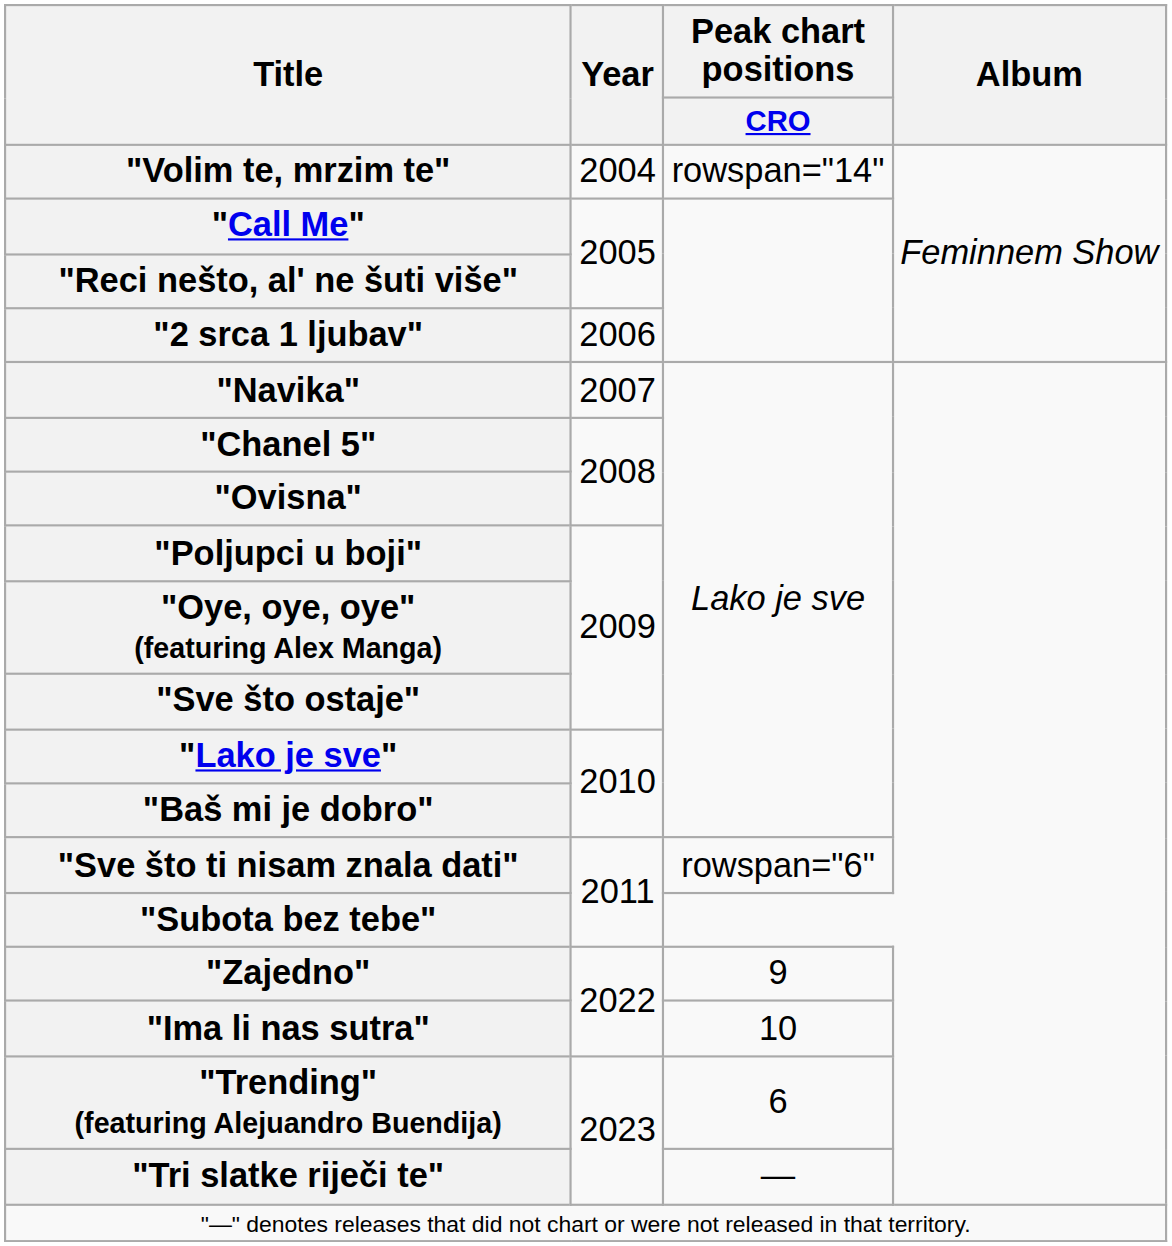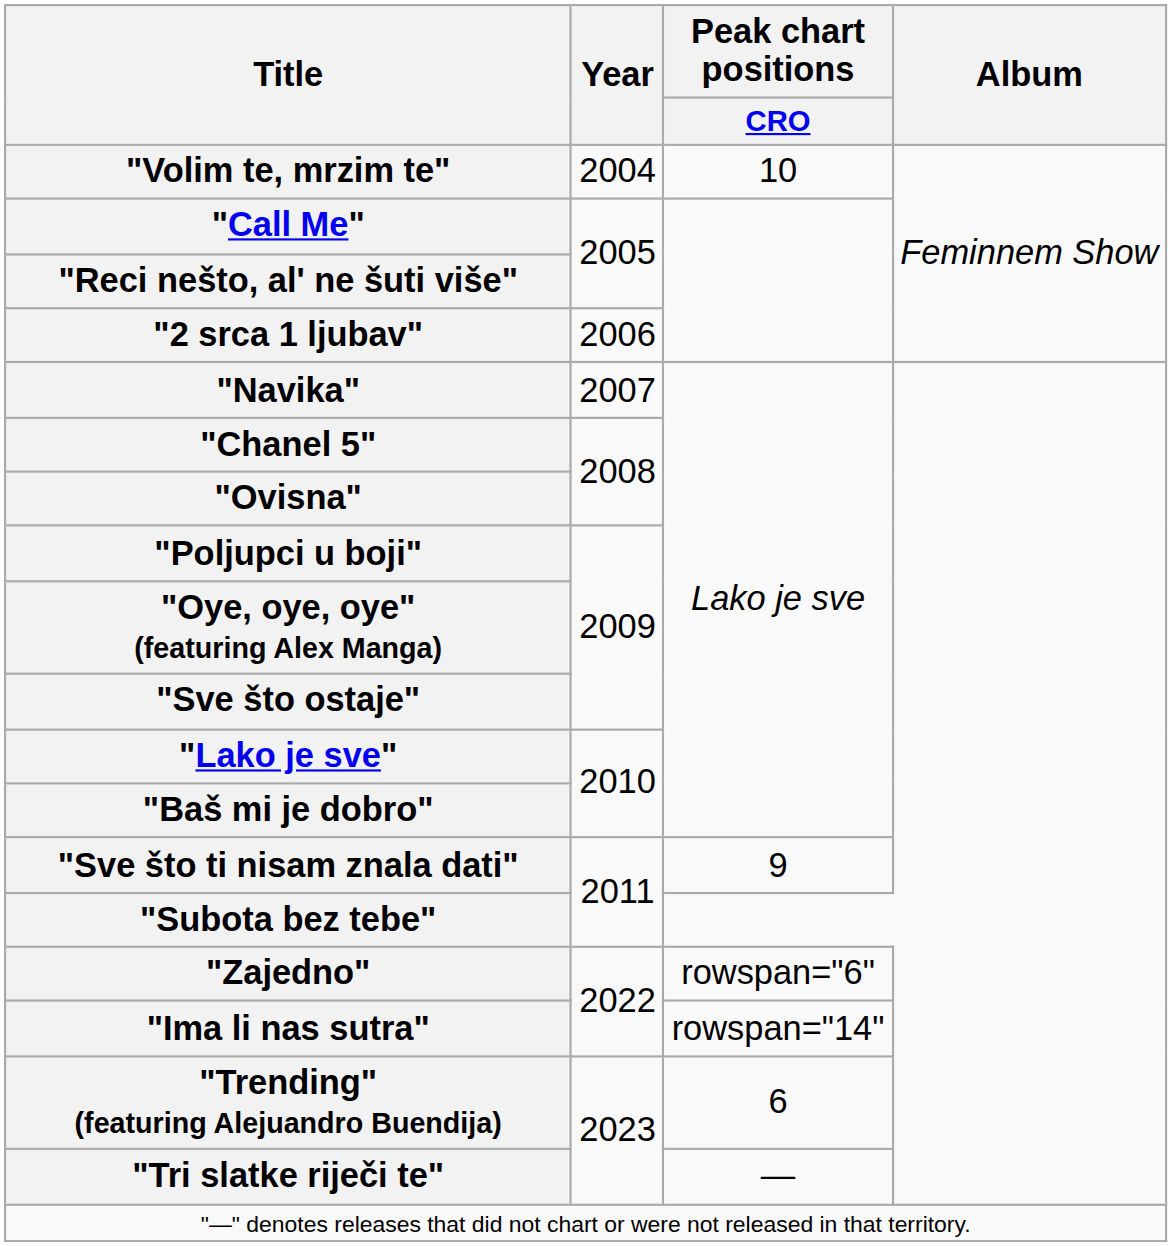 <table class="wikitable plainrowheaders" style="text-align:center;">
 <tr>
 <th scope="col" rowspan="2" style="width:16em;">Title</th>
 <th scope="col" rowspan="2" style="width:1em;">Year</th>
 <th scope="col" colspan="1">Peak chart positions</th>
 <th scope="col" rowspan="2">Album</th>
 </tr>
 <tr>
 <th scope="col" style="width:3em;font-size:85%;"><a href='#'>CRO</a><br></th>
 </tr>
 <tr>
 <th scope="row">"Volim te, mrzim te"</th>
 <td rowspan="1">2004</td>
-<td>rowspan="14" </td>
+<td>10</td>
 <td rowspan="4"><em>Feminnem Show</em></td>
 </tr>
 <tr>
 <th scope="row">"<a href='#'>Call Me</a>"</th>
 <td rowspan="2">2005</td>
 </tr>
 <tr>
 <th scope="row">"Reci nešto, al' ne šuti više"</th>
 </tr>
 <tr>
 <th scope="row">"2 srca 1 ljubav"</th>
 <td rowspan="1">2006</td>
 </tr>
 <tr>
 <th scope="row">"Navika"</th>
 <td rowspan="1">2007</td>
 <td rowspan="8"><em>Lako je sve</em></td>
 </tr>
 <tr>
 <th scope="row">"Chanel 5"</th>
 <td rowspan="2">2008</td>
 </tr>
 <tr>
 <th scope="row">"Ovisna"</th>
 </tr>
 <tr>
 <th scope="row">"Poljupci u boji"</th>
 <td rowspan="3">2009</td>
 </tr>
 <tr>
 <th scope="row">"Oye, oye, oye"<br><small>(featuring Alex Manga)</small></th>
 </tr>
 <tr>
 <th scope="row">"Sve što ostaje"</th>
 </tr>
 <tr>
 <th scope="row">"<a href='#'>Lako je sve</a>"</th>
 <td rowspan="2">2010</td>
 </tr>
 <tr>
 <th scope="row">"Baš mi je dobro"</th>
 </tr>
 <tr>
 <th scope="row">"Sve što ti nisam znala dati"</th>
 <td rowspan="2">2011</td>
-<td>rowspan="6" </td>
+<td>9</td>
 </tr>
 <tr>
 <th scope="row">"Subota bez tebe"</th>
 </tr>
 <tr>
 <th scope="row">"Zajedno"</th>
 <td rowspan="2">2022</td>
-<td>9</td>
+<td>rowspan="6" </td>
 </tr>
 <tr>
 <th scope="row">"Ima li nas sutra"</th>
-<td>10</td>
+<td>rowspan="14" </td>
 </tr>
 <tr>
 <th scope="row">"Trending"<br><small>(featuring Alejuandro Buendija)</small></th>
 <td rowspan="2">2023</td>
 <td>6</td>
 </tr>
 <tr>
 <th scope="row">"Tri slatke riječi te"</th>
 <td>—</td>
 </tr>
 <tr>
 <td align="center" colspan="21" style="font-size: 8pt">"—" denotes releases that did not chart or were not released in that territory.</td>
 </tr>
 <tr>
 </tr>
 </table>
